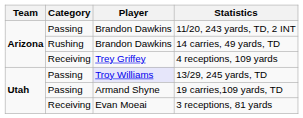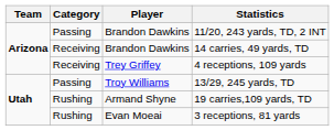 <table class="wikitable" style="float: right;">
 <tr>
 <th>Team</th>
 <th>Category</th>
 <th>Player</th>
 <th>Statistics</th>
 </tr>
 <tr>
 <td rowspan=3><strong>Arizona</strong></td>
 <td>Passing</td>
 <td>Brandon Dawkins</td>
 <td>11/20, 243 yards, TD, 2 INT</td>
 </tr>
 <tr>
-<td>Rushing</td>
+<td>Receiving</td>
 <td>Brandon Dawkins</td>
 <td>14 carries, 49 yards, TD</td>
 </tr>
 <tr>
 <td>Receiving</td>
 <td><a href='#'>Trey Griffey</a></td>
 <td>4 receptions, 109 yards</td>
 </tr>
 <tr>
 <td rowspan=3><strong>Utah</strong></td>
 <td>Passing</td>
-<td style="background: lavender;"><a href='#'>Troy Williams</a></td>
+<td><a href='#'>Troy Williams</a></td>
 <td>13/29, 245 yards, TD</td>
 </tr>
 <tr>
-<td>Passing</td>
+<td>Rushing</td>
 <td>Armand Shyne</td>
 <td>19 carries,109 yards, TD</td>
 </tr>
 <tr>
-<td>Receiving</td>
+<td>Rushing</td>
 <td>Evan Moeai</td>
 <td>3 receptions, 81 yards</td>
 </tr>
 </table>
